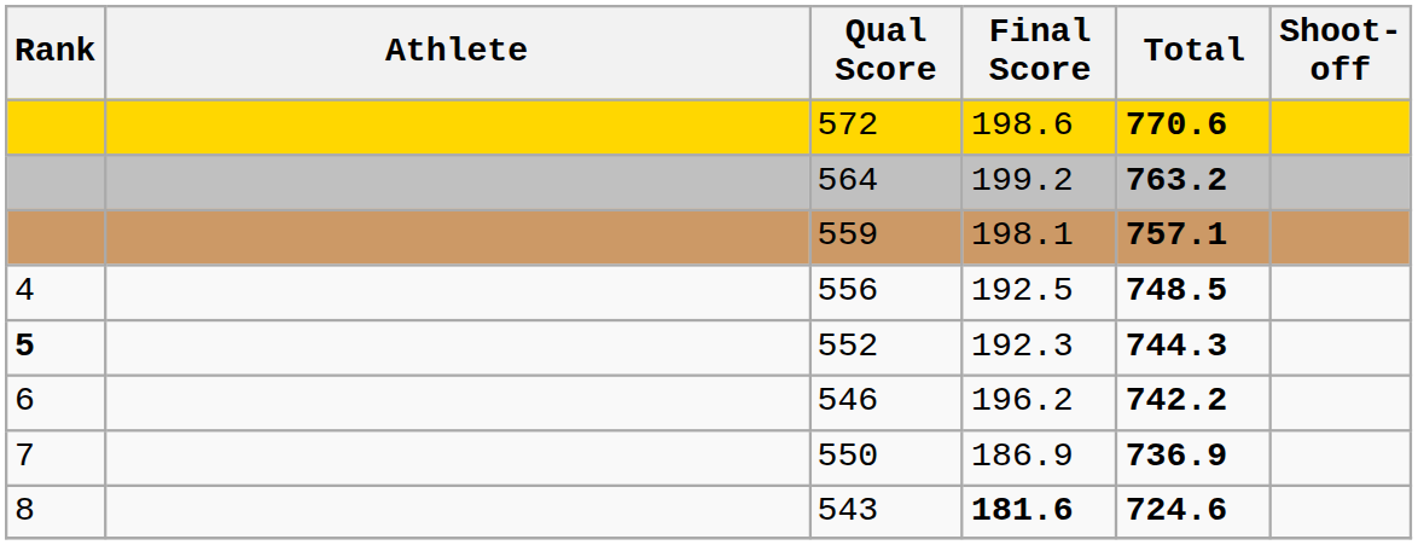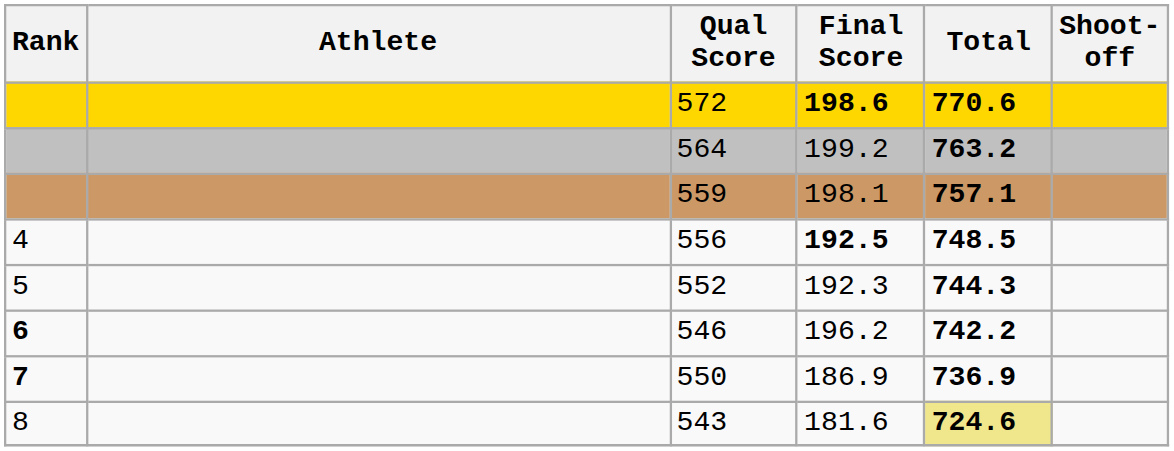 <table class="wikitable" style="font-size:95%" style="width:35em;" style="text-align:center">
 <tr>
 <th>Rank</th>
 <th width=250>Athlete</th>
 <th width=50>Qual Score</th>
 <th width=50>Final Score</th>
 <th width=50>Total</th>
 <th width=40>Shoot-off</th>
 </tr>
 <tr bgcolor=gold>
 <td></td>
 <td align=left></td>
 <td>572</td>
-<td>198.6</td>
+<td><strong>198.6</strong></td>
 <td><strong>770.6</strong></td>
 <td></td>
 </tr>
 <tr bgcolor=silver>
 <td></td>
 <td align=left></td>
 <td>564</td>
 <td>199.2</td>
 <td><strong>763.2</strong></td>
 <td></td>
 </tr>
 <tr bgcolor=cc9966>
 <td></td>
 <td align=left></td>
 <td>559</td>
 <td>198.1</td>
 <td><strong>757.1</strong></td>
 <td></td>
 </tr>
 <tr>
 <td>4</td>
 <td align=left></td>
 <td>556</td>
-<td>192.5</td>
+<td><strong>192.5</strong></td>
 <td><strong>748.5</strong></td>
 <td></td>
 </tr>
 <tr>
-<td><strong>5</strong></td>
+<td>5</td>
 <td align=left></td>
 <td>552</td>
 <td>192.3</td>
 <td><strong>744.3</strong></td>
 <td></td>
 </tr>
 <tr>
-<td>6</td>
+<td><strong>6</strong></td>
 <td align=left></td>
 <td>546</td>
 <td>196.2</td>
 <td><strong>742.2</strong></td>
 <td></td>
 </tr>
 <tr>
-<td>7</td>
+<td><strong>7</strong></td>
 <td align=left></td>
 <td>550</td>
 <td>186.9</td>
 <td><strong>736.9</strong></td>
 <td></td>
 </tr>
 <tr>
 <td>8</td>
 <td align=left></td>
 <td>543</td>
-<td><strong>181.6</strong></td>
-<td><strong>724.6</strong></td>
+<td>181.6</td>
+<td style="background: khaki;"><strong>724.6</strong></td>
 <td></td>
 </tr>
 <tr>
 </tr>
 </table>
